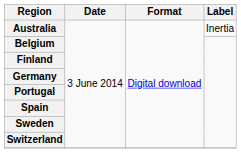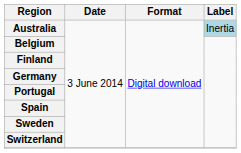 <table class="wikitable plainrowheaders">
 <tr>
 <th>Region</th>
 <th>Date</th>
 <th>Format</th>
 <th>Label</th>
 </tr>
 <tr>
 <th scope="row">Australia</th>
 <td rowspan="8">3 June 2014</td>
 <td rowspan="8"><a href='#'>Digital download</a></td>
-<td>Inertia</td>
+<td style="background: lightblue;">Inertia</td>
 </tr>
 <tr>
 <th scope="row">Belgium</th>
 <td rowspan="7"></td>
 </tr>
 <tr>
 <th scope="row">Finland</th>
 </tr>
 <tr>
 <th scope="row">Germany</th>
 </tr>
 <tr>
 <th scope="row">Portugal</th>
 </tr>
 <tr>
 <th scope="row">Spain</th>
 </tr>
 <tr>
 <th scope="row">Sweden</th>
 </tr>
 <tr>
 <th scope="row">Switzerland</th>
 </tr>
 <tr>
 </tr>
 </table>
